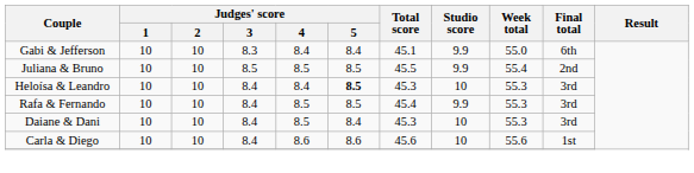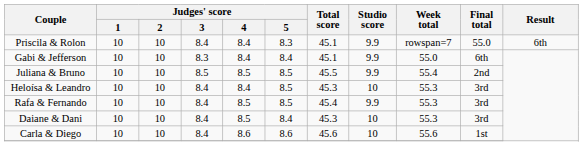 <table class="wikitable" style="font-size:100%; line-height:16px; text-align:center" width="100%">
 <tr>
 <th rowspan=2 width="11.00%">Couple</th>
 <th colspan=5 width="25.00%">Judges' score</th>
 <th rowspan=2 width="05.00%">Total<br>score</th>
 <th rowspan=2 width="05.00%">Studio<br>score</th>
 <th rowspan=2 width="05.00%">Week<br>total</th>
 <th rowspan=2 width="05.00%">Final<br>total</th>
 <th rowspan=2 width="09.00%">Result</th>
 </tr>
 <tr>
 <th width="05.00%">1</th>
 <th width="05.00%">2</th>
 <th width="05.00%">3</th>
 <th width="05.00%">4</th>
 <th width="05.00%">5</th>
+</tr>
+<tr>
+<td>Priscila & Rolon</td>
+<td>10</td>
+<td>10</td>
+<td>8.4</td>
+<td>8.4</td>
+<td>8.3</td>
+<td>45.1</td>
+<td>9.9</td>
+<td>rowspan=7 </td>
+<td>55.0</td>
+<td>6th</td>
 </tr>
 <tr>
 <td>Gabi & Jefferson</td>
 <td>10</td>
 <td>10</td>
 <td>8.3</td>
 <td>8.4</td>
 <td>8.4</td>
 <td>45.1</td>
 <td>9.9</td>
 <td>55.0</td>
 <td>6th</td>
 </tr>
 <tr>
 <td>Juliana & Bruno</td>
 <td>10</td>
 <td>10</td>
 <td>8.5</td>
 <td>8.5</td>
 <td>8.5</td>
 <td>45.5</td>
 <td>9.9</td>
 <td>55.4</td>
 <td>2nd</td>
 </tr>
 <tr>
 <td>Heloísa & Leandro</td>
 <td>10</td>
 <td>10</td>
 <td>8.4</td>
 <td>8.4</td>
-<td><strong>8.5</strong></td>
+<td>8.5</td>
 <td>45.3</td>
 <td>10</td>
 <td>55.3</td>
 <td>3rd</td>
 </tr>
 <tr>
 <td>Rafa & Fernando</td>
 <td>10</td>
 <td>10</td>
 <td>8.4</td>
 <td>8.5</td>
 <td>8.5</td>
 <td>45.4</td>
 <td>9.9</td>
 <td>55.3</td>
 <td>3rd</td>
 </tr>
 <tr>
 <td>Daiane & Dani</td>
 <td>10</td>
 <td>10</td>
 <td>8.4</td>
 <td>8.5</td>
 <td>8.4</td>
 <td>45.3</td>
 <td>10</td>
 <td>55.3</td>
 <td>3rd</td>
 </tr>
 <tr>
 <td>Carla & Diego</td>
 <td>10</td>
 <td>10</td>
 <td>8.4</td>
 <td>8.6</td>
 <td>8.6</td>
 <td>45.6</td>
 <td>10</td>
 <td>55.6</td>
 <td>1st</td>
 </tr>
 <tr>
 </tr>
 </table>
